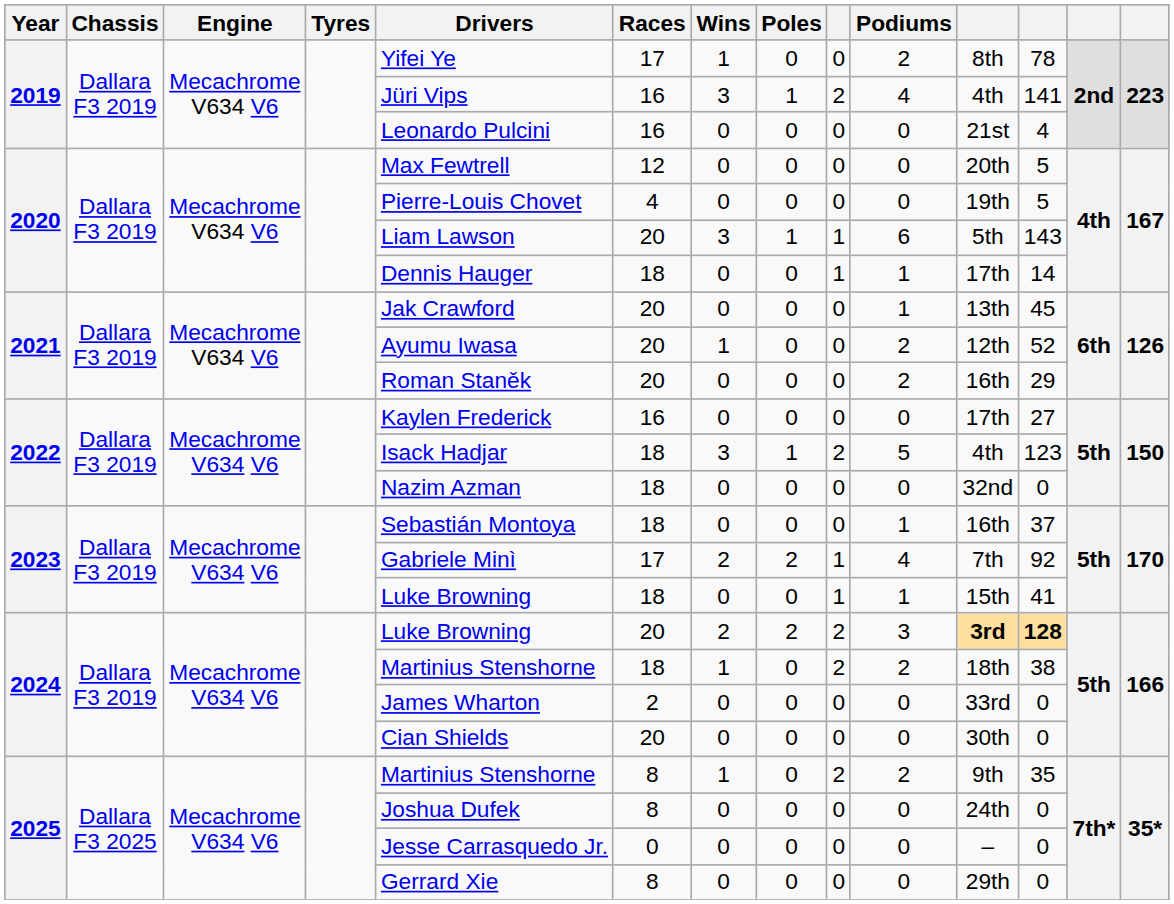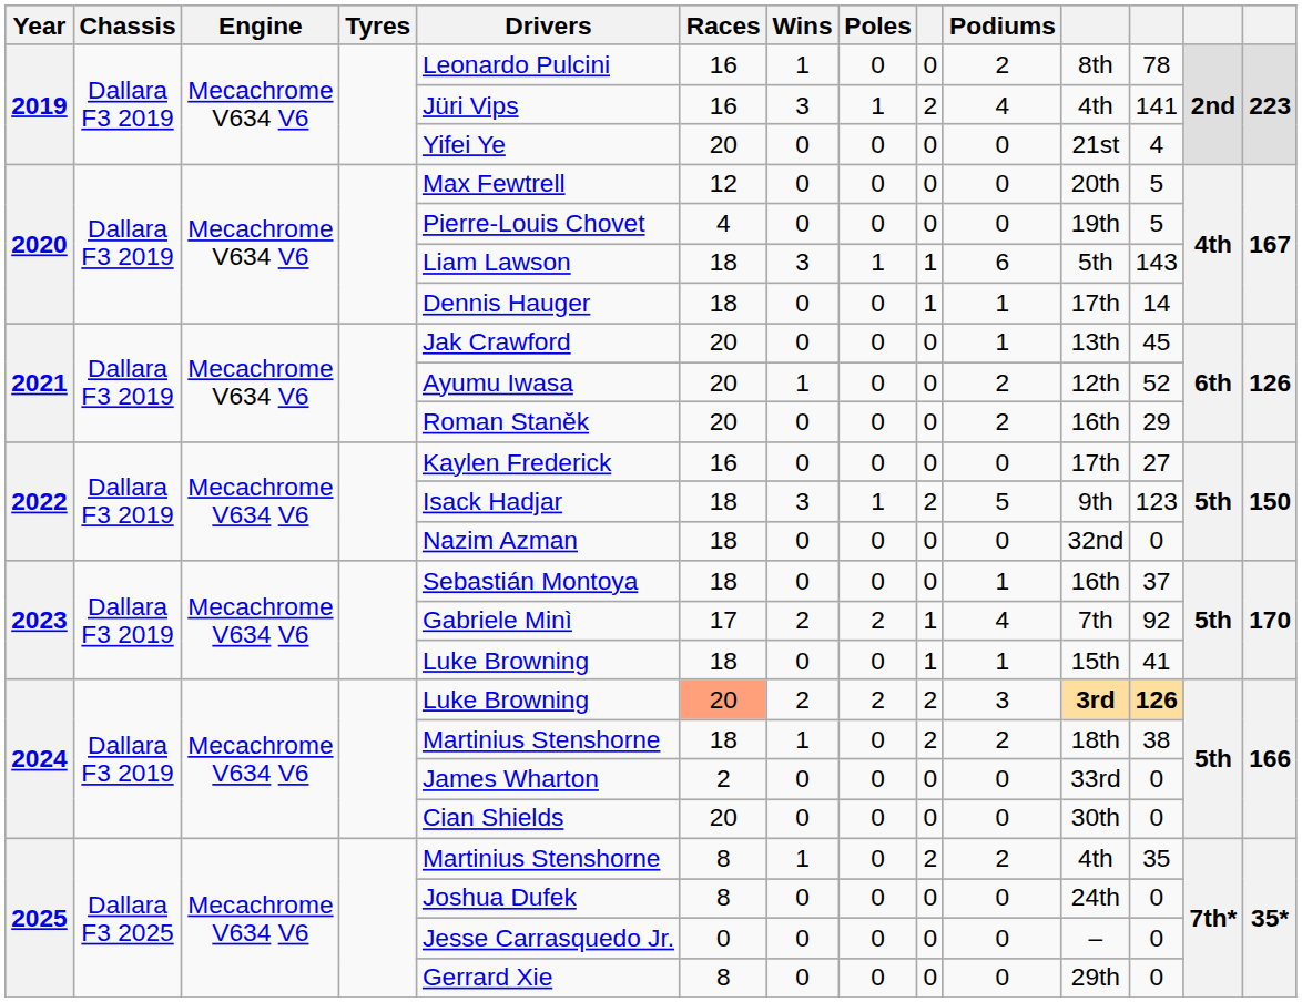 <table class="wikitable" style="text-align:center; font-size:85%">
 <tr>
 <th>Year</th>
 <th>Chassis</th>
 <th>Engine</th>
 <th>Tyres</th>
 <th>Drivers</th>
 <th>Races</th>
 <th>Wins</th>
 <th>Poles</th>
 <th></th>
 <th>Podiums</th>
 <th></th>
 <th></th>
 <th></th>
 <th></th>
 </tr>
 <tr>
 <th rowspan="3"><a href='#'>2019</a></th>
 <td rowspan=3><a href='#'>Dallara</a><br><a href='#'>F3 2019</a></td>
 <td rowspan=3><a href='#'>Mecachrome</a><br>V634 <a href='#'>V6</a></td>
 <td rowspan=3></td>
-<td align=left> <a href='#'>Yifei Ye</a></td>
-<td>17</td>
+<td align=left> <a href='#'>Leonardo Pulcini</a></td>
+<td>16</td>
 <td>1</td>
 <td>0</td>
 <td>0</td>
 <td>2</td>
 <td>8th</td>
 <td>78</td>
 <th rowspan="3" style="background:#DFDFDF;">2nd</th>
 <th rowspan="3" style="background:#DFDFDF;">223</th>
 </tr>
 <tr>
 <td align=left> <a href='#'>Jüri Vips</a></td>
 <td>16</td>
 <td>3</td>
 <td>1</td>
 <td>2</td>
 <td>4</td>
 <td>4th</td>
 <td>141</td>
 </tr>
 <tr>
-<td align=left> <a href='#'>Leonardo Pulcini</a></td>
-<td>16</td>
+<td align=left> <a href='#'>Yifei Ye</a></td>
+<td>20</td>
 <td>0</td>
 <td>0</td>
 <td>0</td>
 <td>0</td>
 <td>21st</td>
 <td>4</td>
 </tr>
 <tr>
 <th rowspan="4"><a href='#'>2020</a></th>
 <td rowspan=4><a href='#'>Dallara</a><br><a href='#'>F3 2019</a></td>
 <td rowspan=4><a href='#'>Mecachrome</a><br>V634 <a href='#'>V6</a></td>
 <td rowspan=4></td>
 <td align=left> <a href='#'>Max Fewtrell</a></td>
 <td>12</td>
 <td>0</td>
 <td>0</td>
 <td>0</td>
 <td>0</td>
 <td>20th</td>
 <td>5</td>
 <th rowspan="4">4th</th>
 <th rowspan="4">167</th>
 </tr>
 <tr>
 <td align=left> <a href='#'>Pierre-Louis Chovet</a></td>
 <td>4</td>
 <td>0</td>
 <td>0</td>
 <td>0</td>
 <td>0</td>
 <td>19th</td>
 <td>5</td>
 </tr>
 <tr>
 <td align=left> <a href='#'>Liam Lawson</a></td>
-<td>20</td>
+<td>18</td>
 <td>3</td>
 <td>1</td>
 <td>1</td>
 <td>6</td>
 <td>5th</td>
 <td>143</td>
 </tr>
 <tr>
 <td align=left> <a href='#'>Dennis Hauger</a></td>
 <td>18</td>
 <td>0</td>
 <td>0</td>
 <td>1</td>
 <td>1</td>
 <td>17th</td>
 <td>14</td>
 </tr>
 <tr>
 <th rowspan="3"><a href='#'>2021</a></th>
 <td rowspan=3><a href='#'>Dallara</a><br><a href='#'>F3 2019</a></td>
 <td rowspan=3><a href='#'>Mecachrome</a><br>V634 <a href='#'>V6</a></td>
 <td rowspan=3></td>
 <td align=left> <a href='#'>Jak Crawford</a></td>
 <td>20</td>
 <td>0</td>
 <td>0</td>
 <td>0</td>
 <td>1</td>
 <td>13th</td>
 <td>45</td>
 <th rowspan="3">6th</th>
 <th rowspan="3">126</th>
 </tr>
 <tr>
 <td align=left> <a href='#'>Ayumu Iwasa</a></td>
 <td>20</td>
 <td>1</td>
 <td>0</td>
 <td>0</td>
 <td>2</td>
 <td>12th</td>
 <td>52</td>
 </tr>
 <tr>
 <td align=left> <a href='#'>Roman Staněk</a></td>
 <td>20</td>
 <td>0</td>
 <td>0</td>
 <td>0</td>
 <td>2</td>
 <td>16th</td>
 <td>29</td>
 </tr>
 <tr>
 <th rowspan=3><a href='#'>2022</a></th>
 <td rowspan=3><a href='#'>Dallara</a><br><a href='#'>F3 2019</a></td>
 <td rowspan=3><a href='#'>Mecachrome</a><br><a href='#'>V634</a> <a href='#'>V6</a></td>
 <td rowspan=3></td>
 <td align=left> <a href='#'>Kaylen Frederick</a></td>
 <td>16</td>
 <td>0</td>
 <td>0</td>
 <td>0</td>
 <td>0</td>
 <td>17th</td>
 <td>27</td>
 <th rowspan=3 style="background:#;">5th</th>
 <th rowspan=3 style="background:#;">150</th>
 </tr>
 <tr>
 <td align=left> <a href='#'>Isack Hadjar</a></td>
 <td>18</td>
 <td>3</td>
 <td>1</td>
 <td>2</td>
 <td>5</td>
-<td style="background:#;">4th</td>
+<td style="background:#;">9th</td>
 <td style="background:#;">123</td>
 </tr>
 <tr>
 <td align=left> <a href='#'>Nazim Azman</a></td>
 <td>18</td>
 <td>0</td>
 <td>0</td>
 <td>0</td>
 <td>0</td>
 <td>32nd</td>
 <td>0</td>
 </tr>
 <tr>
 <th rowspan=3><a href='#'>2023</a></th>
 <td rowspan=3><a href='#'>Dallara</a><br><a href='#'>F3 2019</a></td>
 <td rowspan=3><a href='#'>Mecachrome</a><br><a href='#'>V634</a> <a href='#'>V6</a></td>
 <td rowspan=3></td>
 <td align=left> <a href='#'>Sebastián Montoya</a></td>
 <td>18</td>
 <td>0</td>
 <td>0</td>
 <td>0</td>
 <td>1</td>
 <td>16th</td>
 <td>37</td>
 <th rowspan=3 style="background:#;">5th</th>
 <th rowspan=3 style="background:#;">170</th>
 </tr>
 <tr>
 <td align=left> <a href='#'>Gabriele Minì</a></td>
 <td>17</td>
 <td>2</td>
 <td>2</td>
 <td>1</td>
 <td>4</td>
 <td style="background:#;">7th</td>
 <td style="background:#;">92</td>
 </tr>
 <tr>
 <td align=left> <a href='#'>Luke Browning</a></td>
 <td>18</td>
 <td>0</td>
 <td>0</td>
 <td>1</td>
 <td>1</td>
 <td>15th</td>
 <td>41</td>
 </tr>
 <tr>
 <th rowspan=4><a href='#'>2024</a></th>
 <td rowspan=4><a href='#'>Dallara</a><br><a href='#'>F3 2019</a></td>
 <td rowspan=4><a href='#'>Mecachrome</a><br><a href='#'>V634</a> <a href='#'>V6</a></td>
 <td rowspan=4></td>
 <td align=left> <a href='#'>Luke Browning</a></td>
-<td>20</td>
+<td style="background: lightsalmon;">20</td>
 <td>2</td>
 <td>2</td>
 <td>2</td>
 <td>3</td>
 <td style="background:#FFDF9F;"><strong>3rd</strong></td>
-<td style="background:#FFDF9F;"><strong>128</strong></td>
+<td style="background:#FFDF9F;"><strong>126</strong></td>
 <th rowspan=4 style="background:#;">5th</th>
 <th rowspan=4 style="background:#;">166</th>
 </tr>
 <tr>
 <td align=left> <a href='#'>Martinius Stenshorne</a></td>
 <td>18</td>
 <td>1</td>
 <td>0</td>
 <td>2</td>
 <td>2</td>
 <td style="background:#;">18th</td>
 <td style="background:#;">38</td>
 </tr>
 <tr>
 <td align=left> <a href='#'>James Wharton</a></td>
 <td>2</td>
 <td>0</td>
 <td>0</td>
 <td>0</td>
 <td>0</td>
 <td style="background:#;">33rd</td>
 <td style="background:#;">0</td>
 </tr>
 <tr>
 <td align=left> <a href='#'>Cian Shields</a></td>
 <td>20</td>
 <td>0</td>
 <td>0</td>
 <td>0</td>
 <td>0</td>
 <td style="background:#;">30th</td>
 <td style="background:#;">0</td>
 </tr>
 <tr>
 <th rowspan=4><a href='#'>2025</a></th>
 <td rowspan=4><a href='#'>Dallara</a><br><a href='#'>F3 2025</a></td>
 <td rowspan=4><a href='#'>Mecachrome</a><br><a href='#'>V634</a> <a href='#'>V6</a></td>
 <td rowspan=4></td>
 <td align=left> <a href='#'>Martinius Stenshorne</a></td>
 <td>8</td>
 <td>1</td>
 <td>0</td>
 <td>2</td>
 <td>2</td>
-<td style="background:#;">9th</td>
+<td style="background:#;">4th</td>
 <td style="background:#;">35</td>
 <th rowspan=4 style="background:#;">7th*</th>
 <th rowspan=4 style="background:#;">35*</th>
 </tr>
 <tr>
 <td align=left> <a href='#'>Joshua Dufek</a></td>
 <td>8</td>
 <td>0</td>
 <td>0</td>
 <td>0</td>
 <td>0</td>
 <td style="background:#;">24th</td>
 <td style="background:#;">0</td>
 </tr>
 <tr>
 <td align=left> <a href='#'>Jesse Carrasquedo Jr.</a></td>
 <td>0</td>
 <td>0</td>
 <td>0</td>
 <td>0</td>
 <td>0</td>
 <td style="background:#;">–</td>
 <td style="background:#;">0</td>
 </tr>
 <tr>
 <td align=left> <a href='#'>Gerrard Xie</a></td>
 <td>8</td>
 <td>0</td>
 <td>0</td>
 <td>0</td>
 <td>0</td>
 <td style="background:#;">29th</td>
 <td style="background:#;">0</td>
 </tr>
 </table>
